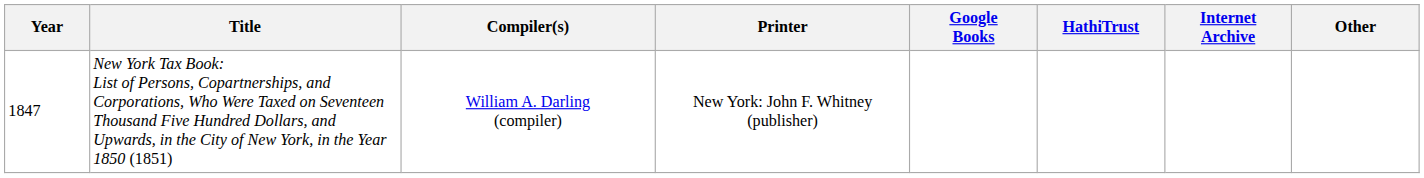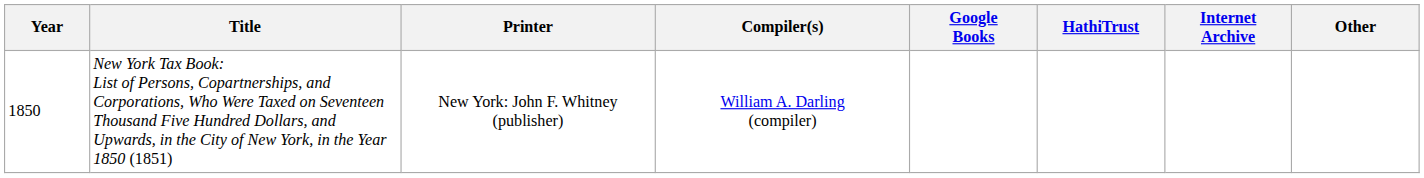 <table class="wikitable collapsible sortable" border="0" cellpadding="1" style="color:black; background-color: #FFFFFF; font-size: 90%; width:100%">
 <tr>
 <th>Year</th>
 <th>Title</th>
+<th>Printer</th>
 <th>Compiler(s)</th>
-<th>Printer</th>
 <th><a href='#'>Google<br>Books</a></th>
 <th><a href='#'>HathiTrust</a></th>
 <th><a href='#'>Internet<br>Archive</a></th>
 <th>Other</th>
 </tr>
 <tr>
-<td width="6%">1847</td>
+<td width="6%">1850</td>
 <td width="22%" data-sort-value="New York Tax Book 1850"><em>New York Tax Book:</em><div><em>List of Persons, Copartnerships, and Corporations, Who Were Taxed on Seventeen Thousand Five Hundred Dollars, and Upwards, in the City of New York, in the Year 1850</em> (1851)</div></td>
+<td style="text-align:center" width="18%" data-sort-value="whitney 1850">New York: John F. Whitney (publisher)</td>
 <td style="text-align:center" width="18%" data-sort-value="Darling 1850"><a href='#'>William A. Darling</a><br>(compiler)</td>
-<td style="text-align:center" width="18%" data-sort-value="whitney 1850">New York: John F. Whitney (publisher)</td>
 <td style="text-align:center" width="9%"></td>
 <td style="text-align:center" width="9%"></td>
 <td style="text-align:center" width="9%"></td>
 <td style="text-align:center" width="9%"></td>
 </tr>
 </table>
